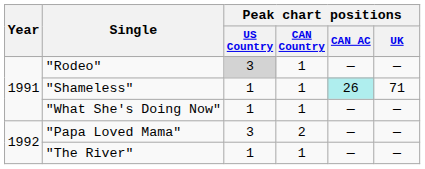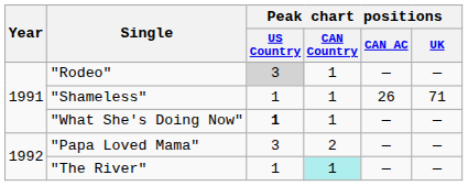 <table class="wikitable" style="text-align:center;">
 <tr>
 <th rowspan="2">Year</th>
 <th rowspan="2">Single</th>
 <th colspan="4">Peak chart positions</th>
 </tr>
 <tr style="font-size:smaller;">
 <th style="width:40px;"><a href='#'>US Country</a></th>
 <th style="width:40px;"><a href='#'>CAN Country</a></th>
 <th style="width:40px;"><a href='#'>CAN AC</a></th>
 <th style="width:40px;"><a href='#'>UK</a></th>
 </tr>
 <tr>
 <td rowspan="3">1991</td>
 <td style="text-align:left;">"Rodeo"</td>
 <td style="background: lightgrey;">3</td>
 <td>1</td>
 <td>—</td>
 <td>—</td>
 </tr>
 <tr>
 <td style="text-align:left;">"Shameless"</td>
 <td>1</td>
 <td>1</td>
-<td style="background: paleturquoise;">26</td>
+<td>26</td>
 <td>71</td>
 </tr>
 <tr>
 <td style="text-align:left;">"What She's Doing Now"</td>
-<td>1</td>
+<td><strong>1</strong></td>
 <td>1</td>
 <td>—</td>
 <td>—</td>
 </tr>
 <tr>
 <td rowspan="2">1992</td>
 <td style="text-align:left;">"Papa Loved Mama"</td>
 <td>3</td>
 <td>2</td>
 <td>—</td>
 <td>—</td>
 </tr>
 <tr>
 <td style="text-align:left;">"The River"</td>
 <td>1</td>
-<td>1</td>
+<td style="background: paleturquoise;">1</td>
 <td>—</td>
 <td>—</td>
 </tr>
 </table>
